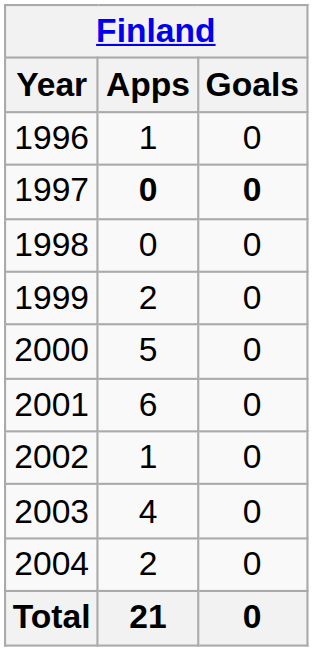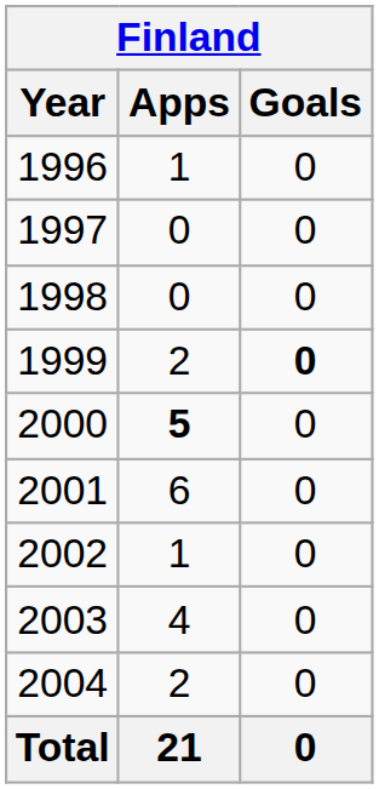 <table class=wikitable style=text-align:center>
 <tr>
 <th colspan=4><a href='#'>Finland</a></th>
 </tr>
 <tr>
 <th>Year</th>
 <th>Apps</th>
 <th>Goals</th>
 </tr>
 <tr>
 <td>1996</td>
 <td>1</td>
 <td>0</td>
 </tr>
 <tr>
 <td>1997</td>
-<td><strong>0</strong></td>
-<td><strong>0</strong></td>
+<td>0</td>
+<td>0</td>
 </tr>
 <tr>
 <td>1998</td>
 <td>0</td>
 <td>0</td>
 </tr>
 <tr>
 <td>1999</td>
 <td>2</td>
-<td>0</td>
+<td><strong>0</strong></td>
 </tr>
 <tr>
 <td>2000</td>
-<td>5</td>
+<td><strong>5</strong></td>
 <td>0</td>
 </tr>
 <tr>
 <td>2001</td>
 <td>6</td>
 <td>0</td>
 </tr>
 <tr>
 <td>2002</td>
 <td>1</td>
 <td>0</td>
 </tr>
 <tr>
 <td>2003</td>
 <td>4</td>
 <td>0</td>
 </tr>
 <tr>
 <td>2004</td>
 <td>2</td>
 <td>0</td>
 </tr>
 <tr>
 <th colspan=1>Total</th>
 <th>21</th>
 <th>0</th>
 </tr>
 </table>
